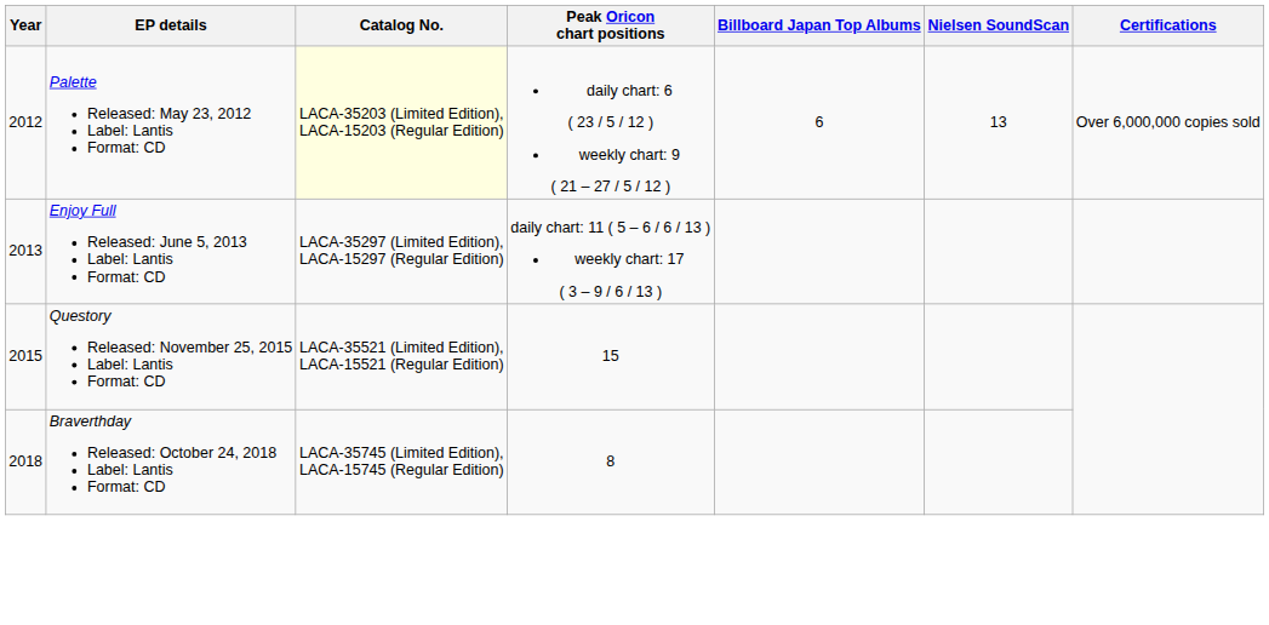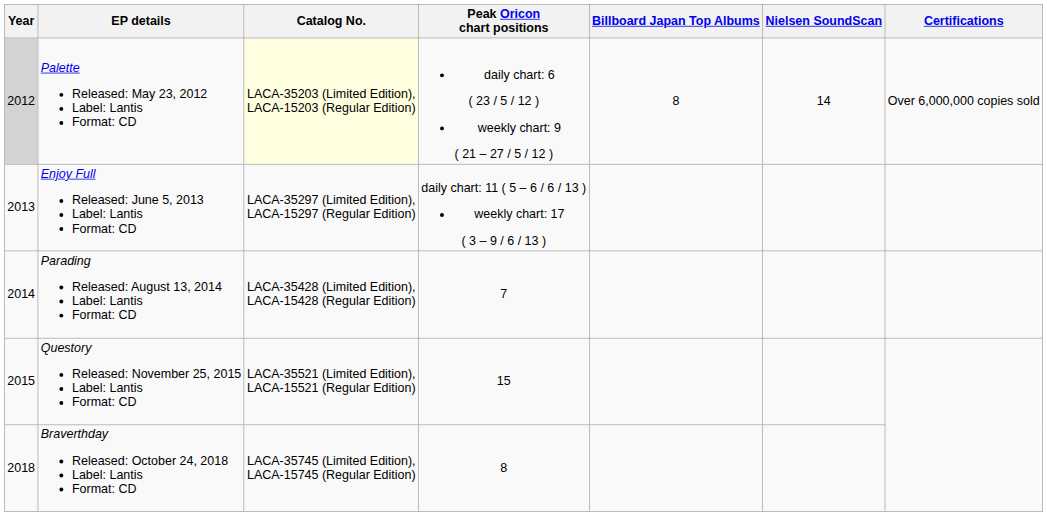 <table class="wikitable">
 <tr>
 <th>Year</th>
 <th>EP details</th>
 <th>Catalog No.</th>
 <th>Peak <a href='#'>Oricon</a><br> chart positions</th>
 <th><a href='#'>Billboard Japan Top Albums</a></th>
 <th><a href='#'>Nielsen SoundScan</a></th>
 <th><a href='#'>Certifications</a></th>
 </tr>
 <tr>
-<td>2012</td>
+<td style="background: lightgrey;">2012</td>
 <td align="left"><em><a href='#'>Palette</a></em><br><ul><li>Released: May 23, 2012</li><li>Label: Lantis</li><li>Format: CD</li></ul></td>
 <td style="background: lightyellow;">LACA-35203 (Limited Edition),<br>LACA-15203 (Regular Edition)</td>
 <td align="center"><br><ul><li>daily chart: 6</li></ul>( 23 / 5 / 12 )<ul><li>weekly chart: 9</li></ul>( 21 – 27 / 5 / 12 )</td>
-<td align="center">6</td>
-<td align="center">13</td>
+<td align="center">8</td>
+<td align="center">14</td>
 <td>Over 6,000,000 copies sold</td>
 </tr>
 <tr>
 <td>2013</td>
 <td align="left"><em><a href='#'>Enjoy Full</a></em><br><ul><li>Released: June 5, 2013</li><li>Label: Lantis</li><li>Format: CD</li></ul></td>
 <td>LACA-35297 (Limited Edition),<br>LACA-15297 (Regular Edition)</td>
 <td align="center"><br>daily chart: 11 ( 5 – 6 / 6 / 13 )<ul><li>weekly chart: 17</li></ul>( 3 – 9  / 6 / 13 )</td>
+<td></td>
+<td></td>
+<td></td>
+</tr>
+<tr>
+<td>2014</td>
+<td align="left"><em>Parading</em><br><ul><li>Released: August 13, 2014</li><li>Label: Lantis</li><li>Format: CD</li></ul></td>
+<td>LACA-35428 (Limited Edition),<br>LACA-15428 (Regular Edition)</td>
+<td align="center">7</td>
 <td></td>
 <td></td>
 <td></td>
 </tr>
 <tr>
 <td>2015</td>
 <td align="left"><em>Questory</em><br><ul><li>Released: November 25, 2015</li><li>Label: Lantis</li><li>Format: CD</li></ul></td>
 <td>LACA-35521 (Limited Edition),<br>LACA-15521 (Regular Edition)</td>
 <td align="center">15</td>
 <td></td>
 <td></td>
 </tr>
 <tr>
 <td>2018</td>
 <td align="left"><em>Braverthday</em><br><ul><li>Released: October 24, 2018</li><li>Label: Lantis</li><li>Format: CD</li></ul></td>
 <td>LACA-35745 (Limited Edition),<br>LACA-15745 (Regular Edition)</td>
 <td align="center">8</td>
 <td></td>
 <td></td>
 </tr>
 </table>
